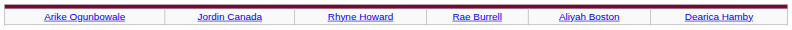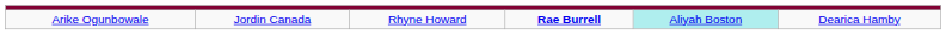 <table class="wikitable" style="width:100%; text-align:center; font-size:100%">
 <tr>
 <th style="background:#820234" colspan=7 align=center></th>
 </tr>
 <tr>
 <td><a href='#'>Arike Ogunbowale</a></td>
 <td><a href='#'>Jordin Canada</a></td>
 <td><a href='#'>Rhyne Howard</a></td>
-<td><a href='#'>Rae Burrell</a></td>
-<td><a href='#'>Aliyah Boston</a></td>
+<td><strong><a href='#'>Rae Burrell</a></strong></td>
+<td style="background: paleturquoise;"><a href='#'>Aliyah Boston</a></td>
 <td><a href='#'>Dearica Hamby</a></td>
 </tr>
 </table>
